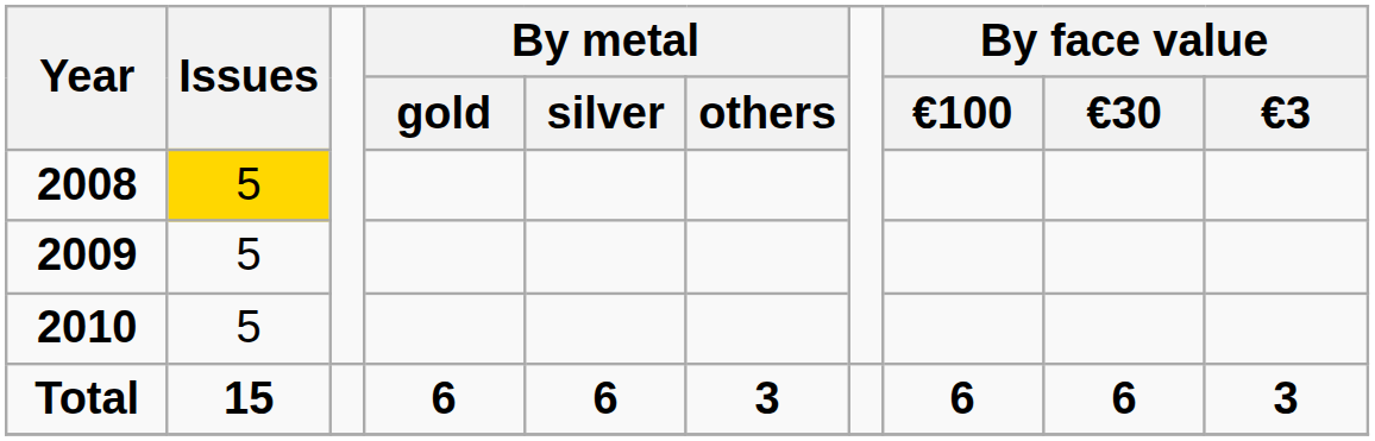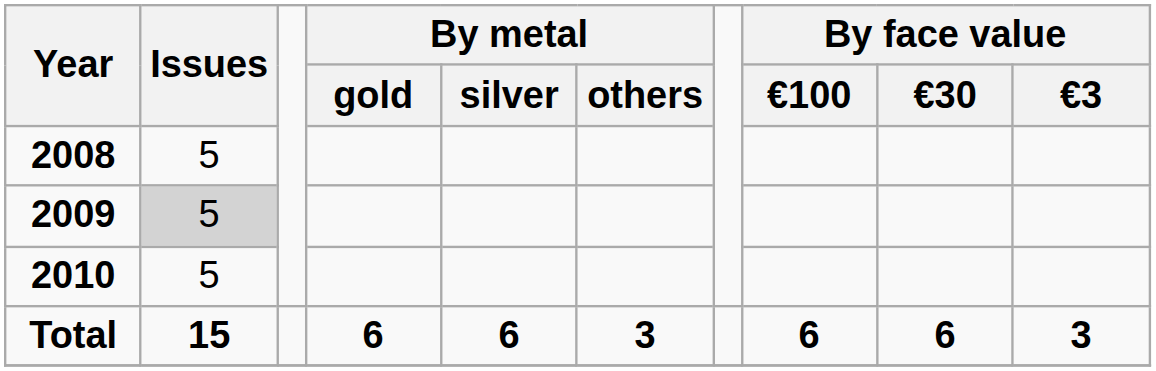 <table class="wikitable" style="text-align: center;">
 <tr>
 <th rowspan=2 width=50px>Year</th>
 <th rowspan=2 width=50px>Issues</th>
 <td rowspan=5> </td>
 <th colspan=3>By metal</th>
 <td rowspan=5> </td>
 <th colspan=3>By face value</th>
 </tr>
 <tr>
 <th width=50px>gold</th>
 <th width=50px>silver</th>
 <th width=50px>others</th>
 <th width=50px>€100</th>
 <th width=50px>€30</th>
 <th width=50px>€3</th>
 </tr>
 <tr>
 <td style="text-align: center;"><strong>2008</strong></td>
-<td style="background: gold;">5</td>
+<td>5</td>
 <td></td>
 <td></td>
 <td></td>
 <td></td>
 <td></td>
 <td></td>
 </tr>
 <tr>
 <td style="text-align: center;"><strong>2009</strong></td>
-<td>5</td>
+<td style="background: lightgrey;">5</td>
 <td></td>
 <td></td>
 <td></td>
 <td></td>
 <td></td>
 <td></td>
 </tr>
 <tr>
 <td style="text-align: center;"><strong>2010</strong></td>
 <td>5</td>
 <td></td>
 <td></td>
 <td></td>
 <td></td>
 <td></td>
 <td></td>
 </tr>
 <tr>
 <td style="text-align: center;"><strong>Total</strong></td>
 <td><strong>15</strong></td>
 <td></td>
 <td><strong>6</strong></td>
 <td><strong>6</strong></td>
 <td><strong>3</strong></td>
 <td></td>
 <td><strong>6</strong></td>
 <td><strong>6</strong></td>
 <td><strong>3</strong></td>
 </tr>
 <tr>
 </tr>
 </table>
